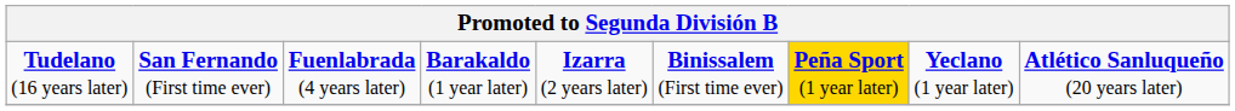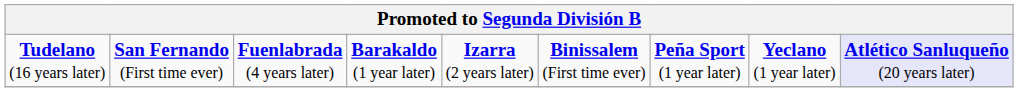 <table class="wikitable" style="text-align: center; margin: 0 auto;">
 <tr>
 <th colspan="9">Promoted to <a href='#'>Segunda División B</a></th>
 </tr>
 <tr>
 <td><strong><a href='#'>Tudelano</a></strong><br><small>(16 years later)</small></td>
 <td><strong><a href='#'>San Fernando</a></strong><br><small>(First time ever)</small></td>
 <td><strong><a href='#'>Fuenlabrada</a></strong><br><small>(4 years later)</small></td>
 <td><strong><a href='#'>Barakaldo</a></strong><br><small>(1 year later)</small></td>
 <td><strong><a href='#'>Izarra</a></strong><br><small>(2 years later)</small></td>
 <td><strong><a href='#'>Binissalem</a></strong><br><small>(First time ever)</small></td>
-<td style="background: gold;"><strong><a href='#'>Peña Sport</a></strong><br><small>(1 year later)</small></td>
+<td><strong><a href='#'>Peña Sport</a></strong><br><small>(1 year later)</small></td>
 <td><strong><a href='#'>Yeclano</a></strong><br><small>(1 year later)</small></td>
-<td><strong><a href='#'>Atlético Sanluqueño</a></strong><br><small>(20 years later)</small></td>
+<td style="background: lavender;"><strong><a href='#'>Atlético Sanluqueño</a></strong><br><small>(20 years later)</small></td>
 </tr>
 <tr>
 </tr>
 </table>
